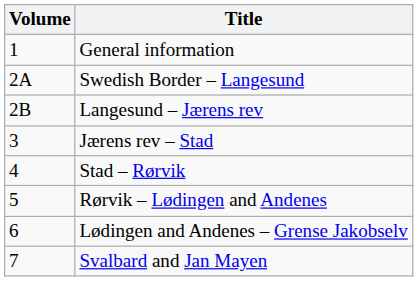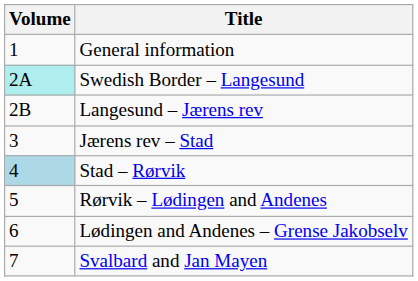 <table class=wikitable>
 <tr>
 <th>Volume</th>
 <th>Title</th>
 </tr>
 <tr>
 <td>1</td>
 <td>General information</td>
 </tr>
 <tr>
-<td>2A</td>
+<td style="background: paleturquoise;">2A</td>
 <td>Swedish Border – <a href='#'>Langesund</a></td>
 </tr>
 <tr>
 <td>2B</td>
 <td>Langesund – <a href='#'>Jærens rev</a></td>
 </tr>
 <tr>
 <td>3</td>
 <td>Jærens rev – <a href='#'>Stad</a></td>
 </tr>
 <tr>
-<td>4</td>
+<td style="background: lightblue;">4</td>
 <td>Stad – <a href='#'>Rørvik</a></td>
 </tr>
 <tr>
 <td>5</td>
 <td>Rørvik – <a href='#'>Lødingen</a> and <a href='#'>Andenes</a></td>
 </tr>
 <tr>
 <td>6</td>
 <td>Lødingen and Andenes – <a href='#'>Grense Jakobselv</a></td>
 </tr>
 <tr>
 <td>7</td>
 <td><a href='#'>Svalbard</a> and <a href='#'>Jan Mayen</a></td>
 </tr>
 </table>
